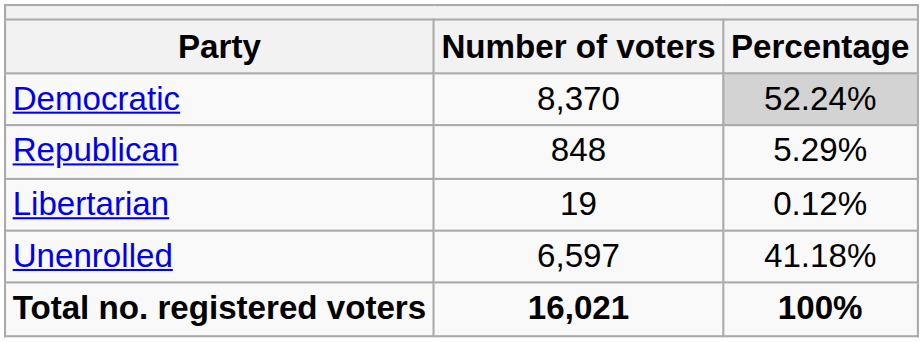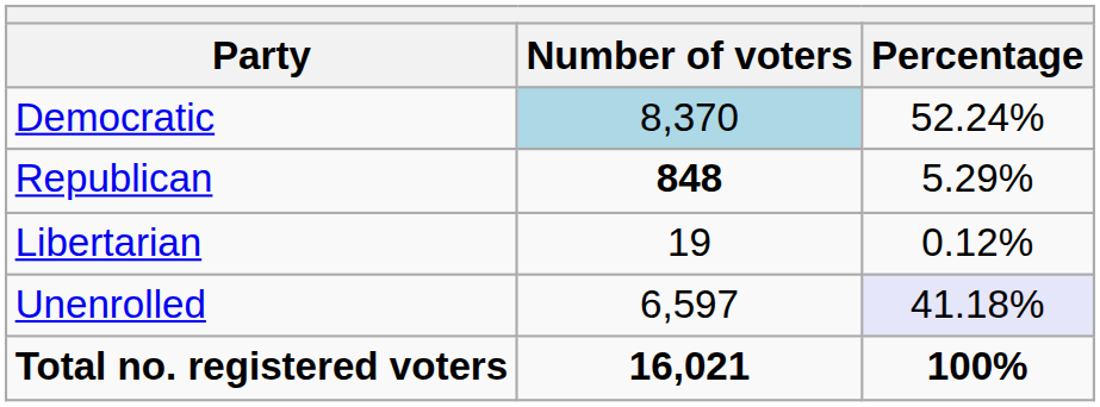 <table class="wikitable">
 <tr>
 <th colspan = 6></th>
 </tr>
 <tr>
 <th>Party</th>
 <th>Number of voters</th>
 <th>Percentage</th>
 </tr>
 <tr>
 <td><a href='#'>Democratic</a></td>
-<td style="text-align:center;">8,370</td>
-<td style="background: lightgrey; text-align:center;">52.24%</td>
+<td style="background: lightblue; text-align:center;">8,370</td>
+<td style="text-align:center;">52.24%</td>
 </tr>
 <tr>
 <td><a href='#'>Republican</a></td>
-<td style="text-align:center;">848</td>
+<td style="text-align:center;"><strong>848</strong></td>
 <td style="text-align:center;">5.29%</td>
 </tr>
 <tr>
 <td><a href='#'>Libertarian</a></td>
 <td style="text-align:center;">19</td>
 <td style="text-align:center;">0.12%</td>
 </tr>
 <tr>
 <td><a href='#'>Unenrolled</a></td>
 <td style="text-align:center;">6,597</td>
-<td style="text-align:center;">41.18%</td>
+<td style="background: lavender; text-align:center;">41.18%</td>
 </tr>
 <tr>
 <td><strong>Total no. registered voters</strong></td>
 <td style="text-align:center;"><strong>16,021</strong></td>
 <td style="text-align:center;"><strong>100%</strong></td>
 </tr>
 </table>
